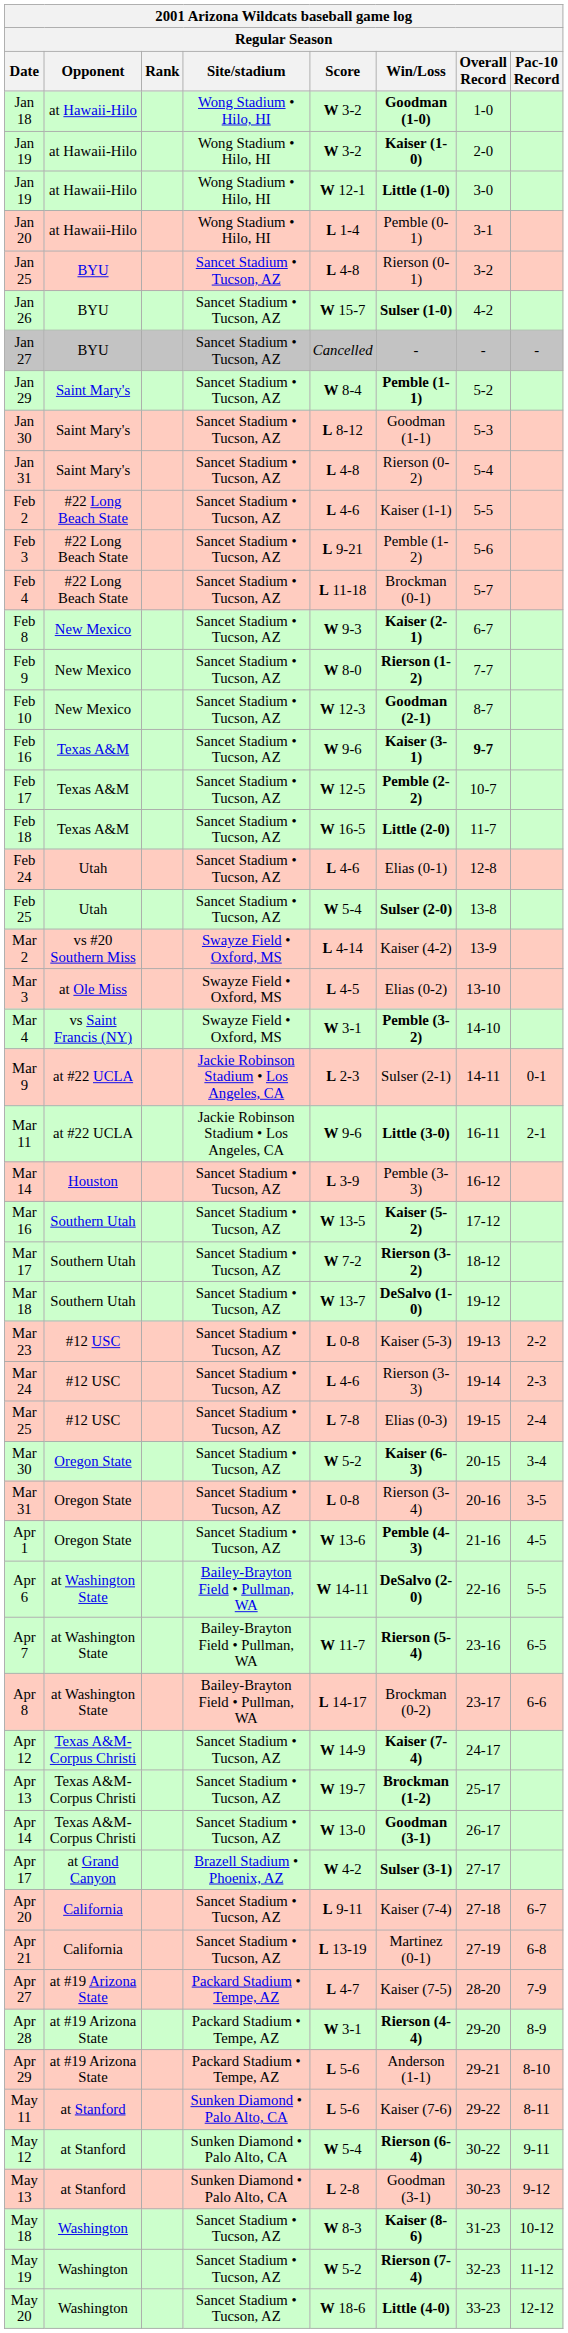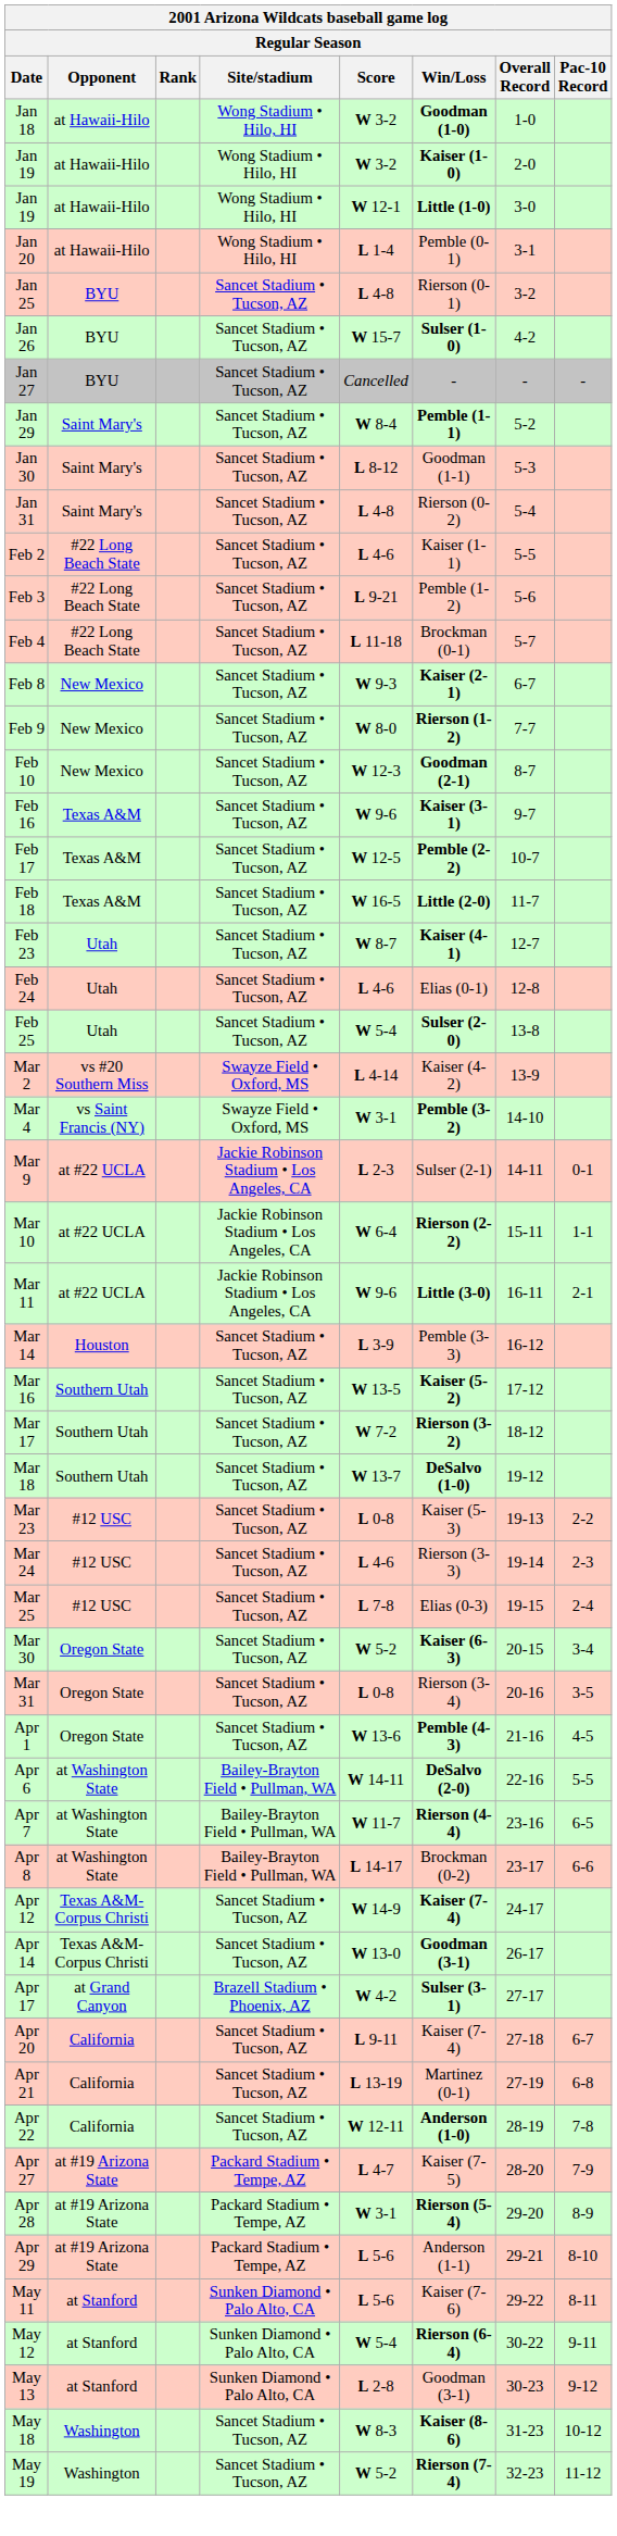 <table class="wikitable">
 <tr>
 <th colspan="8">2001 Arizona Wildcats baseball game log</th>
 </tr>
 <tr>
 <th colspan="8">Regular Season</th>
 </tr>
 <tr>
 <th>Date</th>
 <th>Opponent</th>
 <th>Rank</th>
 <th>Site/stadium</th>
 <th>Score</th>
 <th>Win/Loss</th>
 <th>Overall<br>Record</th>
 <th>Pac-10<br>Record</th>
 </tr>
 <tr bgcolor="ccffcc" align="center">
 <td>Jan 18</td>
 <td>at <a href='#'>Hawaii-Hilo</a></td>
 <td></td>
 <td><a href='#'>Wong Stadium</a> • <a href='#'>Hilo, HI</a></td>
 <td><strong>W</strong> 3-2</td>
 <td><strong>Goodman (1-0)</strong></td>
 <td>1-0</td>
 <td></td>
 </tr>
 <tr bgcolor="ccffcc" align="center">
 <td>Jan 19</td>
 <td>at Hawaii-Hilo</td>
 <td></td>
 <td>Wong Stadium • Hilo, HI</td>
 <td><strong>W</strong> 3-2</td>
 <td><strong>Kaiser (1-0)</strong></td>
 <td>2-0</td>
 <td></td>
 </tr>
 <tr bgcolor="ccffcc" align="center">
 <td>Jan 19</td>
 <td>at Hawaii-Hilo</td>
 <td></td>
 <td>Wong Stadium • Hilo, HI</td>
 <td><strong>W</strong> 12-1</td>
 <td><strong>Little (1-0)</strong></td>
 <td>3-0</td>
 <td></td>
 </tr>
 <tr bgcolor="ffccc" align="center">
 <td>Jan 20</td>
 <td>at Hawaii-Hilo</td>
 <td></td>
 <td>Wong Stadium • Hilo, HI</td>
 <td><strong>L</strong> 1-4</td>
 <td>Pemble (0-1)</td>
 <td>3-1</td>
 <td></td>
 </tr>
 <tr bgcolor="ffccc" align="center">
 <td>Jan 25</td>
 <td><a href='#'>BYU</a></td>
 <td></td>
 <td><a href='#'>Sancet Stadium</a> • <a href='#'>Tucson, AZ</a></td>
 <td><strong>L</strong> 4-8</td>
 <td>Rierson (0-1)</td>
 <td>3-2</td>
 <td></td>
 </tr>
 <tr bgcolor="ccffcc" align="center">
 <td>Jan 26</td>
 <td>BYU</td>
 <td></td>
 <td>Sancet Stadium • Tucson, AZ</td>
 <td><strong>W</strong> 15-7</td>
 <td><strong>Sulser (1-0)</strong></td>
 <td>4-2</td>
 <td></td>
 </tr>
 <tr bgcolor="c3c3c3" align="center">
 <td>Jan 27</td>
 <td>BYU</td>
 <td></td>
 <td>Sancet Stadium • Tucson, AZ</td>
 <td><em>Cancelled</em></td>
 <td>-</td>
 <td>-</td>
 <td>-</td>
 </tr>
 <tr bgcolor="ccffcc" align="center">
 <td>Jan 29</td>
 <td><a href='#'>Saint Mary's</a></td>
 <td></td>
 <td>Sancet Stadium • Tucson, AZ</td>
 <td><strong>W</strong> 8-4</td>
 <td><strong>Pemble (1-1)</strong></td>
 <td>5-2</td>
 <td></td>
 </tr>
 <tr bgcolor="ffccc" align="center">
 <td>Jan 30</td>
 <td>Saint Mary's</td>
 <td></td>
 <td>Sancet Stadium • Tucson, AZ</td>
 <td><strong>L</strong> 8-12</td>
 <td>Goodman (1-1)</td>
 <td>5-3</td>
 <td></td>
 </tr>
 <tr bgcolor="ffccc" align="center">
 <td>Jan 31</td>
 <td>Saint Mary's</td>
 <td></td>
 <td>Sancet Stadium • Tucson, AZ</td>
 <td><strong>L</strong> 4-8</td>
 <td>Rierson (0-2)</td>
 <td>5-4</td>
 <td></td>
 </tr>
 <tr bgcolor="ffccc" align="center">
 <td>Feb 2</td>
 <td>#22 <a href='#'>Long Beach State</a></td>
 <td></td>
 <td>Sancet Stadium • Tucson, AZ</td>
 <td><strong>L</strong> 4-6</td>
 <td>Kaiser (1-1)</td>
 <td>5-5</td>
 <td></td>
 </tr>
 <tr bgcolor="ffccc" align="center">
 <td>Feb 3</td>
 <td>#22 Long Beach State</td>
 <td></td>
 <td>Sancet Stadium • Tucson, AZ</td>
 <td><strong>L</strong> 9-21</td>
 <td>Pemble (1-2)</td>
 <td>5-6</td>
 <td></td>
 </tr>
 <tr bgcolor="ffccc" align="center">
 <td>Feb 4</td>
 <td>#22 Long Beach State</td>
 <td></td>
 <td>Sancet Stadium • Tucson, AZ</td>
 <td><strong>L</strong> 11-18</td>
 <td>Brockman (0-1)</td>
 <td>5-7</td>
 <td></td>
 </tr>
 <tr bgcolor="ccffcc" align="center">
 <td>Feb 8</td>
 <td><a href='#'>New Mexico</a></td>
 <td></td>
 <td>Sancet Stadium • Tucson, AZ</td>
 <td><strong>W</strong> 9-3</td>
 <td><strong>Kaiser (2-1)</strong></td>
 <td>6-7</td>
 <td></td>
 </tr>
 <tr bgcolor="ccffcc" align="center">
 <td>Feb 9</td>
 <td>New Mexico</td>
 <td></td>
 <td>Sancet Stadium • Tucson, AZ</td>
 <td><strong>W</strong> 8-0</td>
 <td><strong>Rierson (1-2)</strong></td>
 <td>7-7</td>
 <td></td>
 </tr>
 <tr bgcolor="ccffcc" align="center">
 <td>Feb 10</td>
 <td>New Mexico</td>
 <td></td>
 <td>Sancet Stadium • Tucson, AZ</td>
 <td><strong>W</strong> 12-3</td>
 <td><strong>Goodman (2-1)</strong></td>
 <td>8-7</td>
 <td></td>
 </tr>
 <tr bgcolor="ccffcc" align="center">
 <td>Feb 16</td>
 <td><a href='#'>Texas A&M</a></td>
 <td></td>
 <td>Sancet Stadium • Tucson, AZ</td>
 <td><strong>W</strong> 9-6</td>
 <td><strong>Kaiser (3-1)</strong></td>
-<td><strong>9-7</strong></td>
+<td>9-7</td>
 <td></td>
 </tr>
 <tr bgcolor="ccffcc" align="center">
 <td>Feb 17</td>
 <td>Texas A&M</td>
 <td></td>
 <td>Sancet Stadium • Tucson, AZ</td>
 <td><strong>W</strong> 12-5</td>
 <td><strong>Pemble (2-2)</strong></td>
 <td>10-7</td>
 <td></td>
 </tr>
 <tr bgcolor="ccffcc" align="center">
 <td>Feb 18</td>
 <td>Texas A&M</td>
 <td></td>
 <td>Sancet Stadium • Tucson, AZ</td>
 <td><strong>W</strong> 16-5</td>
 <td><strong>Little (2-0)</strong></td>
 <td>11-7</td>
+<td></td>
+</tr>
+<tr bgcolor="ccffcc" align="center">
+<td>Feb 23</td>
+<td><a href='#'>Utah</a></td>
+<td></td>
+<td>Sancet Stadium • Tucson, AZ</td>
+<td><strong>W</strong> 8-7</td>
+<td><strong>Kaiser (4-1)</strong></td>
+<td>12-7</td>
 <td></td>
 </tr>
 <tr bgcolor="ffccc" align="center">
 <td>Feb 24</td>
 <td>Utah</td>
 <td></td>
 <td>Sancet Stadium • Tucson, AZ</td>
 <td><strong>L</strong> 4-6</td>
 <td>Elias (0-1)</td>
 <td>12-8</td>
 <td></td>
 </tr>
 <tr bgcolor="ccffcc" align="center">
 <td>Feb 25</td>
 <td>Utah</td>
 <td></td>
 <td>Sancet Stadium • Tucson, AZ</td>
 <td><strong>W</strong> 5-4</td>
 <td><strong>Sulser (2-0)</strong></td>
 <td>13-8</td>
 <td></td>
 </tr>
 <tr bgcolor="ffccc" align="center">
 <td>Mar 2</td>
 <td>vs #20 <a href='#'>Southern Miss</a></td>
 <td></td>
 <td><a href='#'>Swayze Field</a> • <a href='#'>Oxford, MS</a></td>
 <td><strong>L</strong> 4-14</td>
 <td>Kaiser (4-2)</td>
 <td>13-9</td>
 <td></td>
 </tr>
-<tr bgcolor="ffccc" align="center">
-<td>Mar 3</td>
-<td>at <a href='#'>Ole Miss</a></td>
-<td></td>
-<td>Swayze Field • Oxford, MS</td>
-<td><strong>L</strong> 4-5</td>
-<td>Elias (0-2)</td>
-<td>13-10</td>
-<td></td>
-</tr>
 <tr bgcolor="ccffcc" align="center">
 <td>Mar 4</td>
 <td>vs <a href='#'>Saint Francis (NY)</a></td>
 <td></td>
 <td>Swayze Field • Oxford, MS</td>
 <td><strong>W</strong> 3-1</td>
 <td><strong>Pemble (3-2)</strong></td>
 <td>14-10</td>
 <td></td>
 </tr>
 <tr bgcolor="ffccc" align="center">
 <td>Mar 9</td>
 <td>at #22 <a href='#'>UCLA</a></td>
 <td></td>
 <td><a href='#'>Jackie Robinson Stadium</a> • <a href='#'>Los Angeles, CA</a></td>
 <td><strong>L</strong> 2-3</td>
 <td>Sulser (2-1)</td>
 <td>14-11</td>
 <td>0-1</td>
+</tr>
+<tr bgcolor="ccffcc" align="center">
+<td>Mar 10</td>
+<td>at #22 UCLA</td>
+<td></td>
+<td>Jackie Robinson Stadium • Los Angeles, CA</td>
+<td><strong>W</strong> 6-4</td>
+<td><strong>Rierson (2-2)</strong></td>
+<td>15-11</td>
+<td>1-1</td>
 </tr>
 <tr bgcolor="ccffcc" align="center">
 <td>Mar 11</td>
 <td>at #22 UCLA</td>
 <td></td>
 <td>Jackie Robinson Stadium • Los Angeles, CA</td>
 <td><strong>W</strong> 9-6</td>
 <td><strong>Little (3-0)</strong></td>
 <td>16-11</td>
 <td>2-1</td>
 </tr>
 <tr bgcolor="ffccc" align="center">
 <td>Mar 14</td>
 <td><a href='#'>Houston</a></td>
 <td></td>
 <td>Sancet Stadium • Tucson, AZ</td>
 <td><strong>L</strong> 3-9</td>
 <td>Pemble (3-3)</td>
 <td>16-12</td>
 <td></td>
 </tr>
 <tr bgcolor="ccffcc" align="center">
 <td>Mar 16</td>
 <td><a href='#'>Southern Utah</a></td>
 <td></td>
 <td>Sancet Stadium • Tucson, AZ</td>
 <td><strong>W</strong> 13-5</td>
 <td><strong>Kaiser (5-2)</strong></td>
 <td>17-12</td>
 <td></td>
 </tr>
 <tr bgcolor="ccffcc" align="center">
 <td>Mar 17</td>
 <td>Southern Utah</td>
 <td></td>
 <td>Sancet Stadium • Tucson, AZ</td>
 <td><strong>W</strong> 7-2</td>
 <td><strong>Rierson (3-2)</strong></td>
 <td>18-12</td>
 <td></td>
 </tr>
 <tr bgcolor="ccffcc" align="center">
 <td>Mar 18</td>
 <td>Southern Utah</td>
 <td></td>
 <td>Sancet Stadium • Tucson, AZ</td>
 <td><strong>W</strong> 13-7</td>
 <td><strong>DeSalvo (1-0)</strong></td>
 <td>19-12</td>
 <td></td>
 </tr>
 <tr bgcolor="ffccc" align="center">
 <td>Mar 23</td>
 <td>#12 <a href='#'>USC</a></td>
 <td></td>
 <td>Sancet Stadium • Tucson, AZ</td>
 <td><strong>L</strong> 0-8</td>
 <td>Kaiser (5-3)</td>
 <td>19-13</td>
 <td>2-2</td>
 </tr>
 <tr bgcolor="ffccc" align="center">
 <td>Mar 24</td>
 <td>#12 USC</td>
 <td></td>
 <td>Sancet Stadium • Tucson, AZ</td>
 <td><strong>L</strong> 4-6</td>
 <td>Rierson (3-3)</td>
 <td>19-14</td>
 <td>2-3</td>
 </tr>
 <tr bgcolor="ffccc" align="center">
 <td>Mar 25</td>
 <td>#12 USC</td>
 <td></td>
 <td>Sancet Stadium • Tucson, AZ</td>
 <td><strong>L</strong> 7-8</td>
 <td>Elias (0-3)</td>
 <td>19-15</td>
 <td>2-4</td>
 </tr>
 <tr bgcolor="ccffcc" align="center">
 <td>Mar 30</td>
 <td><a href='#'>Oregon State</a></td>
 <td></td>
 <td>Sancet Stadium • Tucson, AZ</td>
 <td><strong>W</strong> 5-2</td>
 <td><strong>Kaiser (6-3)</strong></td>
 <td>20-15</td>
 <td>3-4</td>
 </tr>
 <tr bgcolor="ffccc" align="center">
 <td>Mar 31</td>
 <td>Oregon State</td>
 <td></td>
 <td>Sancet Stadium • Tucson, AZ</td>
 <td><strong>L</strong> 0-8</td>
 <td>Rierson (3-4)</td>
 <td>20-16</td>
 <td>3-5</td>
 </tr>
 <tr bgcolor="ccffcc" align="center">
 <td>Apr 1</td>
 <td>Oregon State</td>
 <td></td>
 <td>Sancet Stadium • Tucson, AZ</td>
 <td><strong>W</strong> 13-6</td>
 <td><strong>Pemble (4-3)</strong></td>
 <td>21-16</td>
 <td>4-5</td>
 </tr>
 <tr bgcolor="ccffcc" align="center">
 <td>Apr 6</td>
 <td>at <a href='#'>Washington State</a></td>
 <td></td>
 <td><a href='#'>Bailey-Brayton Field</a> • <a href='#'>Pullman, WA</a></td>
 <td><strong>W</strong> 14-11</td>
 <td><strong>DeSalvo (2-0)</strong></td>
 <td>22-16</td>
 <td>5-5</td>
 </tr>
 <tr bgcolor="ccffcc" align="center">
 <td>Apr 7</td>
 <td>at Washington State</td>
 <td></td>
 <td>Bailey-Brayton Field • Pullman, WA</td>
 <td><strong>W</strong> 11-7</td>
-<td><strong>Rierson (5-4)</strong></td>
+<td><strong>Rierson (4-4)</strong></td>
 <td>23-16</td>
 <td>6-5</td>
 </tr>
 <tr bgcolor="ffccc" align="center">
 <td>Apr 8</td>
 <td>at Washington State</td>
 <td></td>
 <td>Bailey-Brayton Field • Pullman, WA</td>
 <td><strong>L</strong> 14-17</td>
 <td>Brockman (0-2)</td>
 <td>23-17</td>
 <td>6-6</td>
 </tr>
 <tr bgcolor="ccffcc" align="center">
 <td>Apr 12</td>
 <td><a href='#'>Texas A&M-Corpus Christi</a></td>
 <td></td>
 <td>Sancet Stadium • Tucson, AZ</td>
 <td><strong>W</strong> 14-9</td>
 <td><strong>Kaiser (7-4)</strong></td>
 <td>24-17</td>
-<td></td>
-</tr>
-<tr bgcolor="ccffcc" align="center">
-<td>Apr 13</td>
-<td>Texas A&M-Corpus Christi</td>
-<td></td>
-<td>Sancet Stadium • Tucson, AZ</td>
-<td><strong>W</strong> 19-7</td>
-<td><strong>Brockman (1-2)</strong></td>
-<td>25-17</td>
 <td></td>
 </tr>
 <tr bgcolor="ccffcc" align="center">
 <td>Apr 14</td>
 <td>Texas A&M-Corpus Christi</td>
 <td></td>
 <td>Sancet Stadium • Tucson, AZ</td>
 <td><strong>W</strong> 13-0</td>
 <td><strong>Goodman (3-1)</strong></td>
 <td>26-17</td>
 <td></td>
 </tr>
 <tr bgcolor="ccffcc" align="center">
 <td>Apr 17</td>
 <td>at <a href='#'>Grand Canyon</a></td>
 <td></td>
 <td><a href='#'>Brazell Stadium</a> • <a href='#'>Phoenix, AZ</a></td>
 <td><strong>W</strong> 4-2</td>
 <td><strong>Sulser (3-1)</strong></td>
 <td>27-17</td>
 <td></td>
 </tr>
 <tr bgcolor="ffccc" align="center">
 <td>Apr 20</td>
 <td><a href='#'>California</a></td>
 <td></td>
 <td>Sancet Stadium • Tucson, AZ</td>
 <td><strong>L</strong> 9-11</td>
 <td>Kaiser (7-4)</td>
 <td>27-18</td>
 <td>6-7</td>
 </tr>
 <tr bgcolor="ffccc" align="center">
 <td>Apr 21</td>
 <td>California</td>
 <td></td>
 <td>Sancet Stadium • Tucson, AZ</td>
 <td><strong>L</strong> 13-19</td>
 <td>Martinez (0-1)</td>
 <td>27-19</td>
 <td>6-8</td>
 </tr>
+<tr bgcolor="ccffcc" align="center">
+<td>Apr 22</td>
+<td>California</td>
+<td></td>
+<td>Sancet Stadium • Tucson, AZ</td>
+<td><strong>W</strong> 12-11</td>
+<td><strong>Anderson (1-0)</strong></td>
+<td>28-19</td>
+<td>7-8</td>
+</tr>
 <tr bgcolor="ffccc" align="center">
 <td>Apr 27</td>
 <td>at #19 <a href='#'>Arizona State</a></td>
 <td></td>
 <td><a href='#'>Packard Stadium</a> • <a href='#'>Tempe, AZ</a></td>
 <td><strong>L</strong> 4-7</td>
 <td>Kaiser (7-5)</td>
 <td>28-20</td>
 <td>7-9</td>
 </tr>
 <tr bgcolor="ccffcc" align="center">
 <td>Apr 28</td>
 <td>at #19 Arizona State</td>
 <td></td>
 <td>Packard Stadium • Tempe, AZ</td>
 <td><strong>W</strong> 3-1</td>
-<td><strong>Rierson (4-4)</strong></td>
+<td><strong>Rierson (5-4)</strong></td>
 <td>29-20</td>
 <td>8-9</td>
 </tr>
 <tr bgcolor="ffccc" align="center">
 <td>Apr 29</td>
 <td>at #19 Arizona State</td>
 <td></td>
 <td>Packard Stadium • Tempe, AZ</td>
 <td><strong>L</strong> 5-6</td>
 <td>Anderson (1-1)</td>
 <td>29-21</td>
 <td>8-10</td>
 </tr>
 <tr bgcolor="ffccc" align="center">
 <td>May 11</td>
 <td>at <a href='#'>Stanford</a></td>
 <td></td>
 <td><a href='#'>Sunken Diamond</a> • <a href='#'>Palo Alto, CA</a></td>
 <td><strong>L</strong> 5-6</td>
 <td>Kaiser (7-6)</td>
 <td>29-22</td>
 <td>8-11</td>
 </tr>
 <tr bgcolor="ccffcc" align="center">
 <td>May 12</td>
 <td>at Stanford</td>
 <td></td>
 <td>Sunken Diamond • Palo Alto, CA</td>
 <td><strong>W</strong> 5-4</td>
 <td><strong>Rierson (6-4)</strong></td>
 <td>30-22</td>
 <td>9-11</td>
 </tr>
 <tr bgcolor="ffccc" align="center">
 <td>May 13</td>
 <td>at Stanford</td>
 <td></td>
 <td>Sunken Diamond • Palo Alto, CA</td>
 <td><strong>L</strong> 2-8</td>
 <td>Goodman (3-1)</td>
 <td>30-23</td>
 <td>9-12</td>
 </tr>
 <tr bgcolor="ccffcc" align="center">
 <td>May 18</td>
 <td><a href='#'>Washington</a></td>
 <td></td>
 <td>Sancet Stadium • Tucson, AZ</td>
 <td><strong>W</strong> 8-3</td>
 <td><strong>Kaiser (8-6)</strong></td>
 <td>31-23</td>
 <td>10-12</td>
 </tr>
 <tr bgcolor="ccffcc" align="center">
 <td>May 19</td>
 <td>Washington</td>
 <td></td>
 <td>Sancet Stadium • Tucson, AZ</td>
 <td><strong>W</strong> 5-2</td>
 <td><strong>Rierson (7-4)</strong></td>
 <td>32-23</td>
 <td>11-12</td>
 </tr>
-<tr bgcolor="ccffcc" align="center">
-<td>May 20</td>
-<td>Washington</td>
-<td></td>
-<td>Sancet Stadium • Tucson, AZ</td>
-<td><strong>W</strong> 18-6</td>
-<td><strong>Little (4-0)</strong></td>
-<td>33-23</td>
-<td>12-12</td>
-</tr>
 </table>
